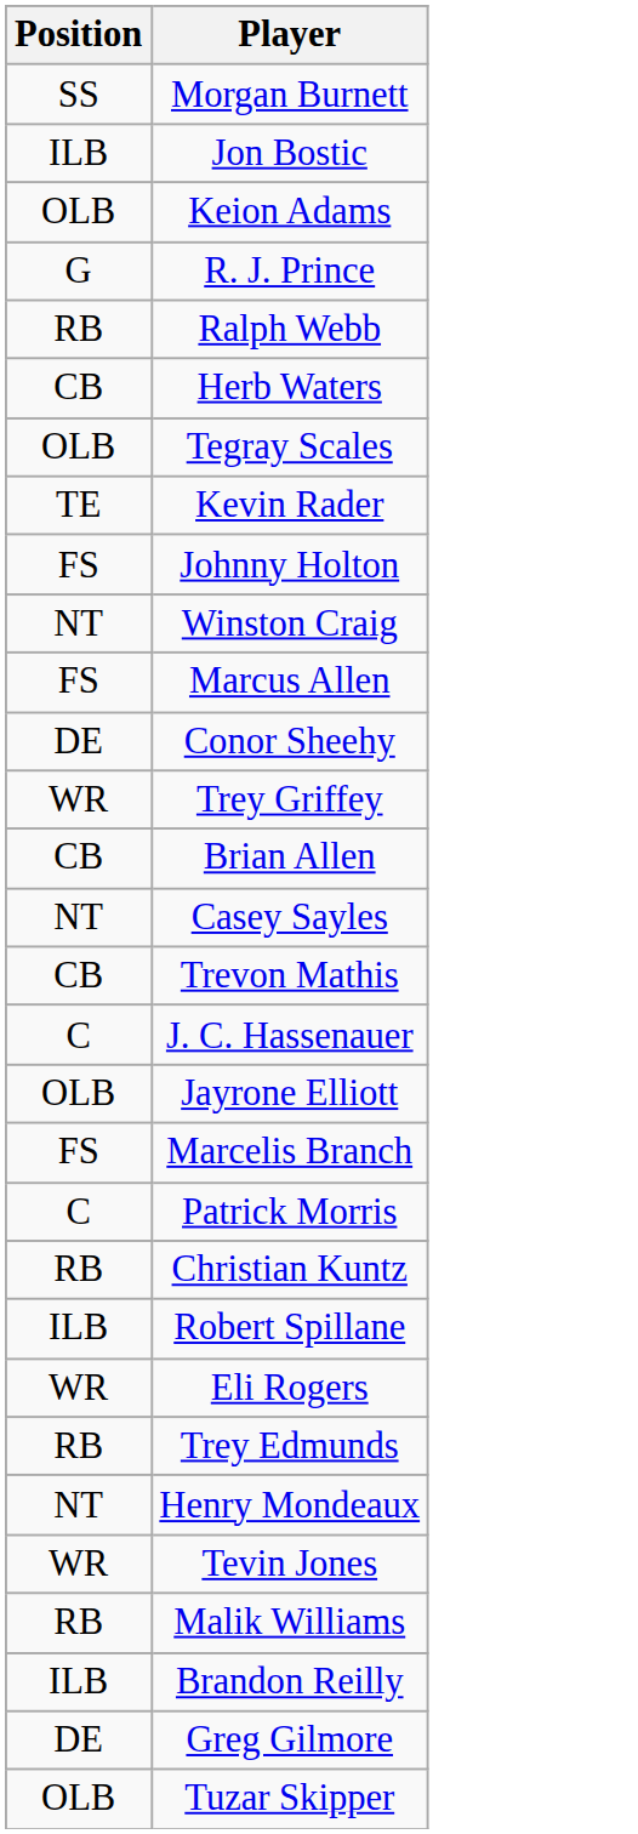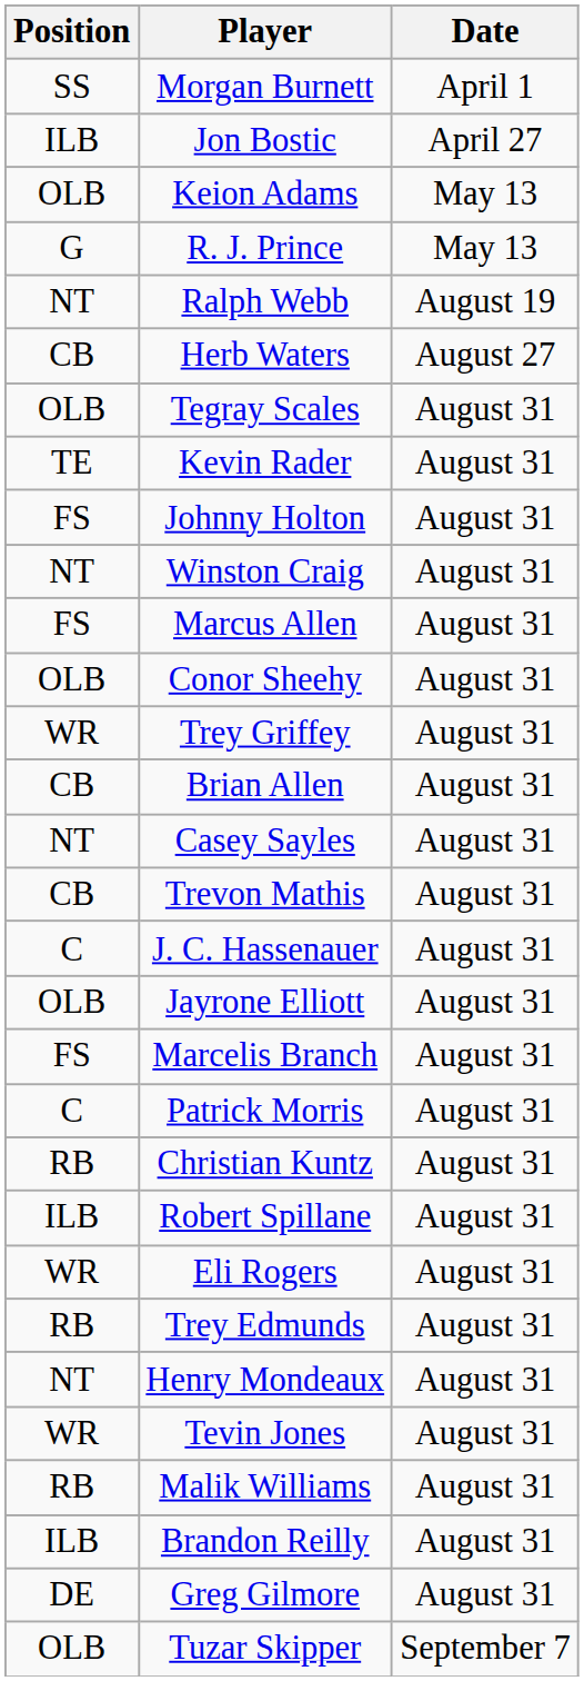 <table class="wikitable" style="text-align:center">
 <tr>
 <th>Position</th>
 <th>Player</th>
+<th>Date</th>
 </tr>
 <tr>
 <td>SS</td>
 <td><a href='#'>Morgan Burnett</a></td>
+<td>April 1</td>
 </tr>
 <tr>
 <td>ILB</td>
 <td><a href='#'>Jon Bostic</a></td>
+<td>April 27</td>
 </tr>
 <tr>
 <td>OLB</td>
 <td><a href='#'>Keion Adams</a></td>
+<td>May 13</td>
 </tr>
 <tr>
 <td>G</td>
 <td><a href='#'>R. J. Prince</a></td>
+<td>May 13</td>
 </tr>
 <tr>
-<td>RB</td>
+<td>NT</td>
 <td><a href='#'>Ralph Webb</a></td>
+<td>August 19</td>
 </tr>
 <tr>
 <td>CB</td>
 <td><a href='#'>Herb Waters</a></td>
+<td>August 27</td>
 </tr>
 <tr>
 <td>OLB</td>
 <td><a href='#'>Tegray Scales</a></td>
+<td>August 31</td>
 </tr>
 <tr>
 <td>TE</td>
 <td><a href='#'>Kevin Rader</a></td>
+<td>August 31</td>
 </tr>
 <tr>
 <td>FS</td>
 <td><a href='#'>Johnny Holton</a></td>
+<td>August 31</td>
 </tr>
 <tr>
 <td>NT</td>
 <td><a href='#'>Winston Craig</a></td>
+<td>August 31</td>
 </tr>
 <tr>
 <td>FS</td>
 <td><a href='#'>Marcus Allen</a></td>
+<td>August 31</td>
 </tr>
 <tr>
-<td>DE</td>
+<td>OLB</td>
 <td><a href='#'>Conor Sheehy</a></td>
+<td>August 31</td>
 </tr>
 <tr>
 <td>WR</td>
 <td><a href='#'>Trey Griffey</a></td>
+<td>August 31</td>
 </tr>
 <tr>
 <td>CB</td>
 <td><a href='#'>Brian Allen</a></td>
+<td>August 31</td>
 </tr>
 <tr>
 <td>NT</td>
 <td><a href='#'>Casey Sayles</a></td>
+<td>August 31</td>
 </tr>
 <tr>
 <td>CB</td>
 <td><a href='#'>Trevon Mathis</a></td>
+<td>August 31</td>
 </tr>
 <tr>
 <td>C</td>
 <td><a href='#'>J. C. Hassenauer</a></td>
+<td>August 31</td>
 </tr>
 <tr>
 <td>OLB</td>
 <td><a href='#'>Jayrone Elliott</a></td>
+<td>August 31</td>
 </tr>
 <tr>
 <td>FS</td>
 <td><a href='#'>Marcelis Branch</a></td>
+<td>August 31</td>
 </tr>
 <tr>
 <td>C</td>
 <td><a href='#'>Patrick Morris</a></td>
+<td>August 31</td>
 </tr>
 <tr>
 <td>RB</td>
 <td><a href='#'>Christian Kuntz</a></td>
+<td>August 31</td>
 </tr>
 <tr>
 <td>ILB</td>
 <td><a href='#'>Robert Spillane</a></td>
+<td>August 31</td>
 </tr>
 <tr>
 <td>WR</td>
 <td><a href='#'>Eli Rogers</a></td>
+<td>August 31</td>
 </tr>
 <tr>
 <td>RB</td>
 <td><a href='#'>Trey Edmunds</a></td>
+<td>August 31</td>
 </tr>
 <tr>
 <td>NT</td>
 <td><a href='#'>Henry Mondeaux</a></td>
+<td>August 31</td>
 </tr>
 <tr>
 <td>WR</td>
 <td><a href='#'>Tevin Jones</a></td>
+<td>August 31</td>
 </tr>
 <tr>
 <td>RB</td>
 <td><a href='#'>Malik Williams</a></td>
+<td>August 31</td>
 </tr>
 <tr>
 <td>ILB</td>
 <td><a href='#'>Brandon Reilly</a></td>
+<td>August 31</td>
 </tr>
 <tr>
 <td>DE</td>
 <td><a href='#'>Greg Gilmore</a></td>
+<td>August 31</td>
 </tr>
 <tr>
 <td>OLB</td>
 <td><a href='#'>Tuzar Skipper</a></td>
+<td>September 7</td>
 </tr>
 </table>
